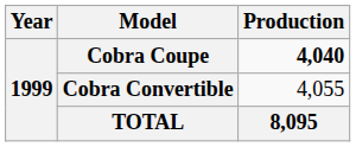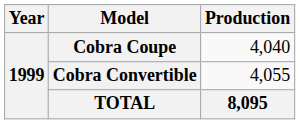 <table class=wikitable>
 <tr>
 <th>Year</th>
 <th>Model</th>
 <th>Production</th>
 </tr>
 <tr>
 <th rowspan=3>1999</th>
 <th align=right>Cobra Coupe</th>
-<td align=right><strong>4,040</strong></td>
+<td align=right>4,040</td>
 </tr>
 <tr>
 <th align=right>Cobra Convertible</th>
 <td align=right>4,055</td>
 </tr>
 <tr>
 <th align=right>TOTAL</th>
 <th align=right>8,095</th>
 </tr>
 </table>
